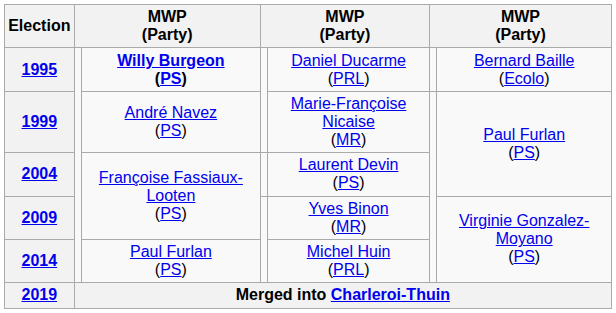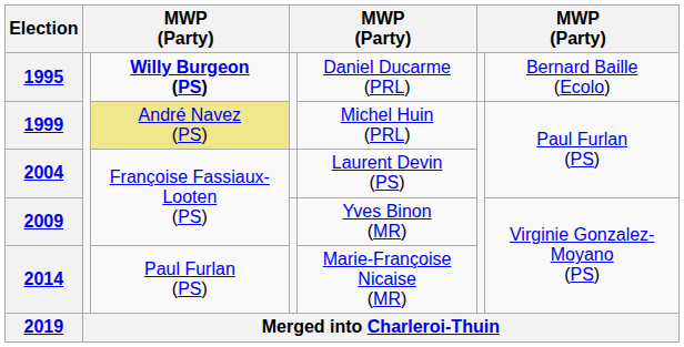 <table class="wikitable" style="text-align:center">
 <tr>
 <th>Election</th>
 <th colspan=2>MWP<br>(Party)</th>
 <th colspan=2>MWP<br>(Party)</th>
 <th colspan=2>MWP<br>(Party)</th>
 </tr>
 <tr>
 <th><a href='#'>1995</a></th>
 <td rowspan=5; style="background-color: "></td>
 <td rowspan=1><strong><a href='#'>Willy Burgeon</a><br>(<a href='#'>PS</a>)</strong></td>
 <td rowspan=2; style="background-color: "></td>
 <td rowspan=1><a href='#'>Daniel Ducarme</a><br>(<a href='#'>PRL</a>)</td>
 <td rowspan=1; style="background-color: "></td>
 <td rowspan=1><a href='#'>Bernard Baille</a><br>(<a href='#'>Ecolo</a>)</td>
 </tr>
 <tr>
 <th><a href='#'>1999</a></th>
-<td rowspan=1><a href='#'>André Navez</a><br>(<a href='#'>PS</a>)</td>
-<td rowspan=1><a href='#'>Marie-Françoise Nicaise</a><br>(<a href='#'>MR</a>)</td>
+<td rowspan=1 style="background: khaki;"><a href='#'>André Navez</a><br>(<a href='#'>PS</a>)</td>
+<td rowspan=1><a href='#'>Michel Huin</a><br>(<a href='#'>PRL</a>)</td>
 <td rowspan=4; style="background-color: "></td>
 <td rowspan=2><a href='#'>Paul Furlan</a><br>(<a href='#'>PS</a>)</td>
 </tr>
 <tr>
 <th><a href='#'>2004</a></th>
 <td rowspan=2><a href='#'>Françoise Fassiaux-Looten</a><br>(<a href='#'>PS</a>)</td>
 <td rowspan=1; style="background-color: "></td>
 <td rowspan=1><a href='#'>Laurent Devin</a><br>(<a href='#'>PS</a>)</td>
 </tr>
 <tr>
 <th><a href='#'>2009</a></th>
 <td rowspan=2; style="background-color: "></td>
 <td rowspan=1><a href='#'>Yves Binon</a><br>(<a href='#'>MR</a>)</td>
 <td rowspan=2><a href='#'>Virginie Gonzalez-Moyano</a><br>(<a href='#'>PS</a>)</td>
 </tr>
 <tr>
 <th><a href='#'>2014</a></th>
 <td rowspan=1><a href='#'>Paul Furlan</a><br>(<a href='#'>PS</a>)</td>
-<td rowspan=1><a href='#'>Michel Huin</a><br>(<a href='#'>PRL</a>)</td>
+<td rowspan=1><a href='#'>Marie-Françoise Nicaise</a><br>(<a href='#'>MR</a>)</td>
 </tr>
 <tr>
 <th><a href='#'>2019</a></th>
 <th colspan=6>Merged into <a href='#'>Charleroi-Thuin</a></th>
 </tr>
 </table>
